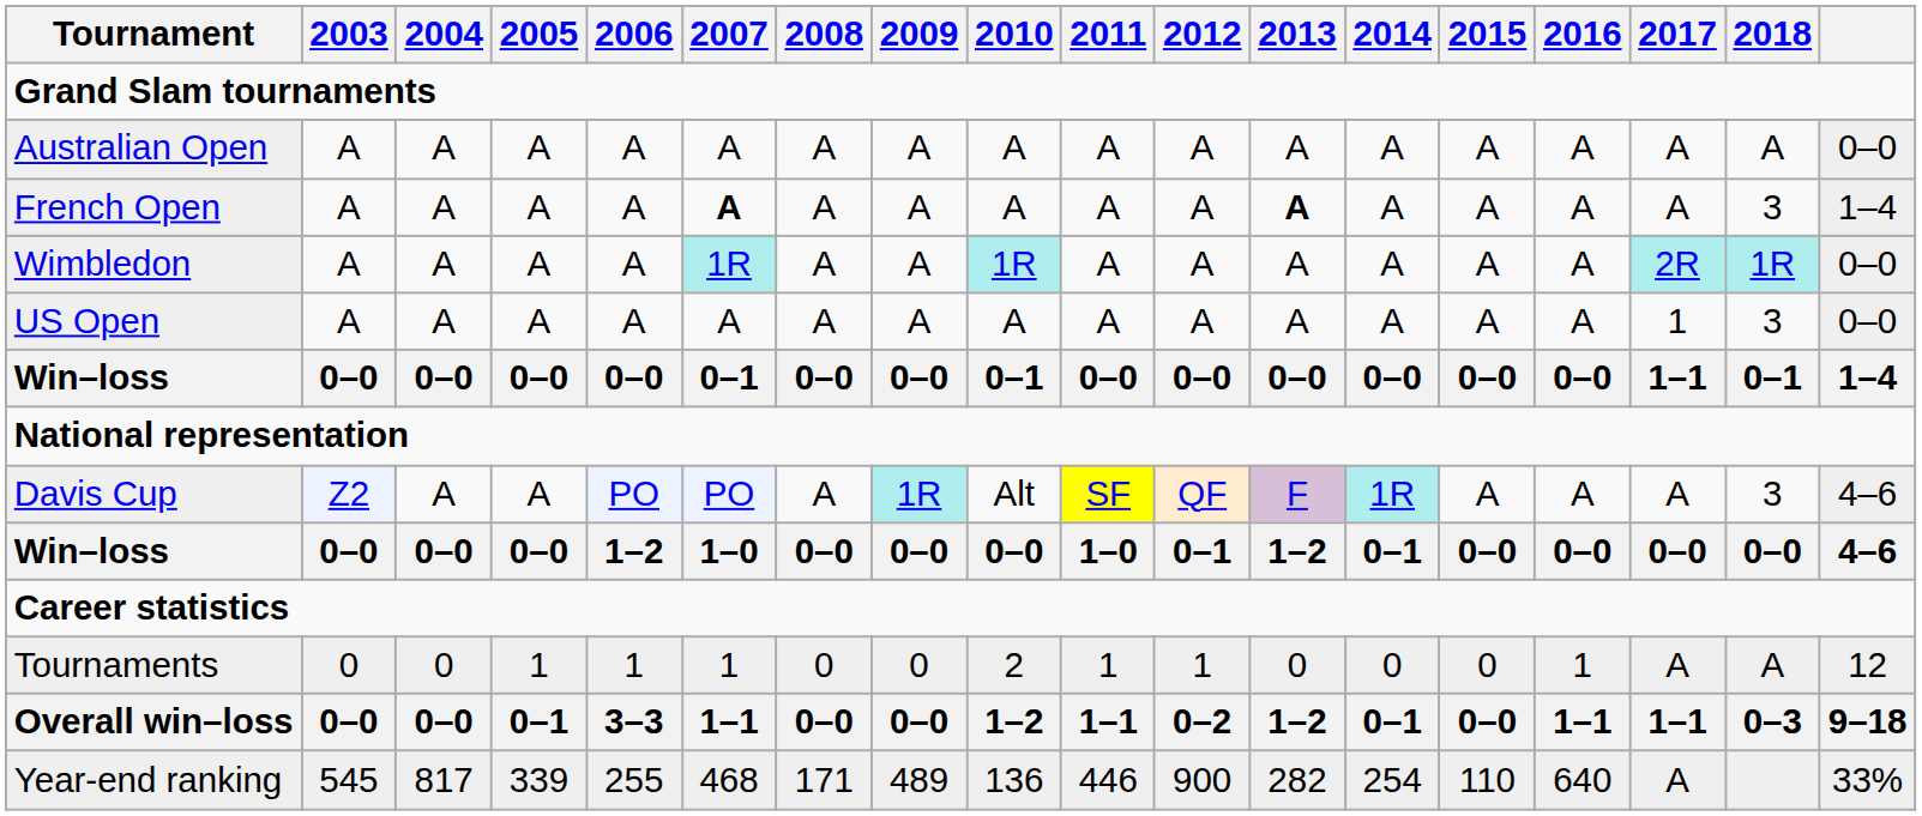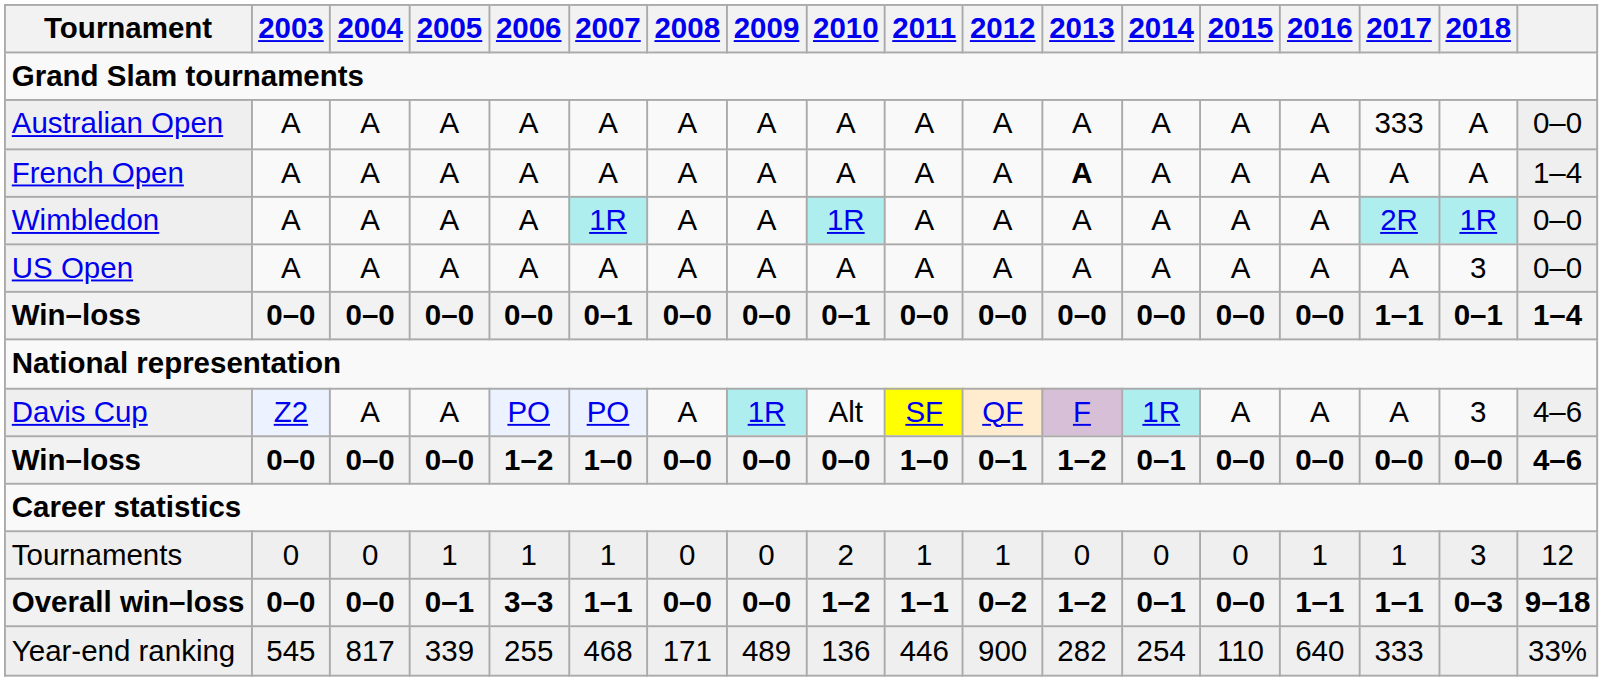 <table class=wikitable style=text-align:center;font-size:97%>
 <tr>
 <th>Tournament</th>
 <th><a href='#'>2003</a></th>
 <th><a href='#'>2004</a></th>
 <th><a href='#'>2005</a></th>
 <th><a href='#'>2006</a></th>
 <th><a href='#'>2007</a></th>
 <th><a href='#'>2008</a></th>
 <th><a href='#'>2009</a></th>
 <th><a href='#'>2010</a></th>
 <th><a href='#'>2011</a></th>
 <th><a href='#'>2012</a></th>
 <th><a href='#'>2013</a></th>
 <th><a href='#'>2014</a></th>
 <th><a href='#'>2015</a></th>
 <th><a href='#'>2016</a></th>
 <th><a href='#'>2017</a></th>
 <th><a href='#'>2018</a></th>
 <th></th>
 </tr>
 <tr>
 <td colspan=18 align=left><strong>Grand Slam tournaments</strong></td>
 </tr>
 <tr>
 <td bgcolor=efefef align=left><a href='#'>Australian Open</a></td>
 <td>A</td>
 <td>A</td>
 <td>A</td>
 <td>A</td>
 <td>A</td>
 <td>A</td>
 <td>A</td>
 <td>A</td>
 <td>A</td>
 <td>A</td>
 <td>A</td>
 <td>A</td>
 <td>A</td>
 <td>A</td>
-<td>A</td>
+<td>333</td>
 <td>A</td>
 <td bgcolor=efefef>0–0</td>
 </tr>
 <tr>
 <td bgcolor=efefef align=left><a href='#'>French Open</a></td>
+<td>A</td>
+<td>A</td>
+<td>A</td>
+<td>A</td>
+<td>A</td>
+<td>A</td>
 <td>A</td>
 <td>A</td>
 <td>A</td>
 <td>A</td>
 <td><strong>A</strong></td>
 <td>A</td>
 <td>A</td>
 <td>A</td>
 <td>A</td>
 <td>A</td>
-<td><strong>A</strong></td>
-<td>A</td>
-<td>A</td>
-<td>A</td>
-<td>A</td>
-<td>3</td>
 <td bgcolor=efefef>1–4</td>
 </tr>
 <tr>
 <td bgcolor=efefef align=left><a href='#'>Wimbledon</a></td>
 <td>A</td>
 <td>A</td>
 <td>A</td>
 <td>A</td>
 <td bgcolor=afeeee><a href='#'>1R</a></td>
 <td>A</td>
 <td>A</td>
 <td bgcolor=afeeee><a href='#'>1R</a></td>
 <td>A</td>
 <td>A</td>
 <td>A</td>
 <td>A</td>
 <td>A</td>
 <td>A</td>
 <td bgcolor=afeeee><a href='#'>2R</a></td>
 <td bgcolor=afeeee><a href='#'>1R</a></td>
 <td bgcolor=efefef>0–0</td>
 </tr>
 <tr>
 <td bgcolor=efefef align=left><a href='#'>US Open</a></td>
 <td>A</td>
 <td>A</td>
 <td>A</td>
 <td>A</td>
 <td>A</td>
 <td>A</td>
 <td>A</td>
 <td>A</td>
 <td>A</td>
 <td>A</td>
 <td>A</td>
 <td>A</td>
 <td>A</td>
 <td>A</td>
-<td>1</td>
+<td>A</td>
 <td>3</td>
 <td bgcolor=efefef>0–0</td>
 </tr>
 <tr>
 <th style=text-align:left>Win–loss</th>
 <th>0–0</th>
 <th>0–0</th>
 <th>0–0</th>
 <th>0–0</th>
 <th>0–1</th>
 <th>0–0</th>
 <th>0–0</th>
 <th>0–1</th>
 <th>0–0</th>
 <th>0–0</th>
 <th>0–0</th>
 <th>0–0</th>
 <th>0–0</th>
 <th>0–0</th>
 <th>1–1</th>
 <th>0–1</th>
 <th>1–4</th>
 </tr>
 <tr>
 <td colspan=18 align=left><strong>National representation</strong></td>
 </tr>
 <tr>
 <td bgcolor=efefef align=left><a href='#'>Davis Cup</a></td>
 <td style="background:#ECF2FF;"><a href='#'>Z2</a></td>
 <td>A</td>
 <td>A</td>
 <td style="background:#ECF2FF;"><a href='#'>PO</a></td>
 <td style="background:#ECF2FF;"><a href='#'>PO</a></td>
 <td>A</td>
 <td bgcolor=afeeee><a href='#'>1R</a></td>
 <td>Alt</td>
 <td bgcolor=yellow><a href='#'>SF</a></td>
 <td bgcolor=ffebcd><a href='#'>QF</a></td>
 <td bgcolor=thistle><a href='#'>F</a></td>
 <td bgcolor=afeeee><a href='#'>1R</a></td>
 <td>A</td>
 <td>A</td>
 <td>A</td>
 <td>3</td>
 <td bgcolor=efefef>4–6</td>
 </tr>
 <tr>
 <th style=text-align:left>Win–loss</th>
 <th>0–0</th>
 <th>0–0</th>
 <th>0–0</th>
 <th>1–2</th>
 <th>1–0</th>
 <th>0–0</th>
 <th>0–0</th>
 <th>0–0</th>
 <th>1–0</th>
 <th>0–1</th>
 <th>1–2</th>
 <th>0–1</th>
 <th>0–0</th>
 <th>0–0</th>
 <th>0–0</th>
 <th>0–0</th>
 <th>4–6</th>
 </tr>
 <tr>
 <td colspan=18 style="text-align:left"><strong>Career statistics</strong></td>
 </tr>
 <tr bgcolor=efefef>
 <td align=left>Tournaments</td>
 <td>0</td>
 <td>0</td>
 <td>1</td>
 <td>1</td>
 <td>1</td>
 <td>0</td>
 <td>0</td>
 <td>2</td>
 <td>1</td>
 <td>1</td>
 <td>0</td>
 <td>0</td>
 <td>0</td>
 <td>1</td>
-<td>A</td>
-<td>A</td>
+<td>1</td>
+<td>3</td>
 <td colspan=2>12</td>
 </tr>
 <tr>
 <th style=text-align:left>Overall win–loss</th>
 <th>0–0</th>
 <th>0–0</th>
 <th>0–1</th>
 <th>3–3</th>
 <th>1–1</th>
 <th>0–0</th>
 <th>0–0</th>
 <th>1–2</th>
 <th>1–1</th>
 <th>0–2</th>
 <th>1–2</th>
 <th>0–1</th>
 <th>0–0</th>
 <th>1–1</th>
 <th>1–1</th>
 <th>0–3</th>
 <th colspan=2>9–18</th>
 </tr>
 <tr bgcolor=efefef>
 <td align=left>Year-end ranking</td>
 <td>545</td>
 <td>817</td>
 <td>339</td>
 <td>255</td>
 <td>468</td>
 <td>171</td>
 <td>489</td>
 <td>136</td>
 <td>446</td>
 <td>900</td>
 <td>282</td>
 <td>254</td>
 <td>110</td>
 <td>640</td>
-<td>A</td>
+<td>333</td>
 <td></td>
 <td colspan=2>33%</td>
 </tr>
 </table>
